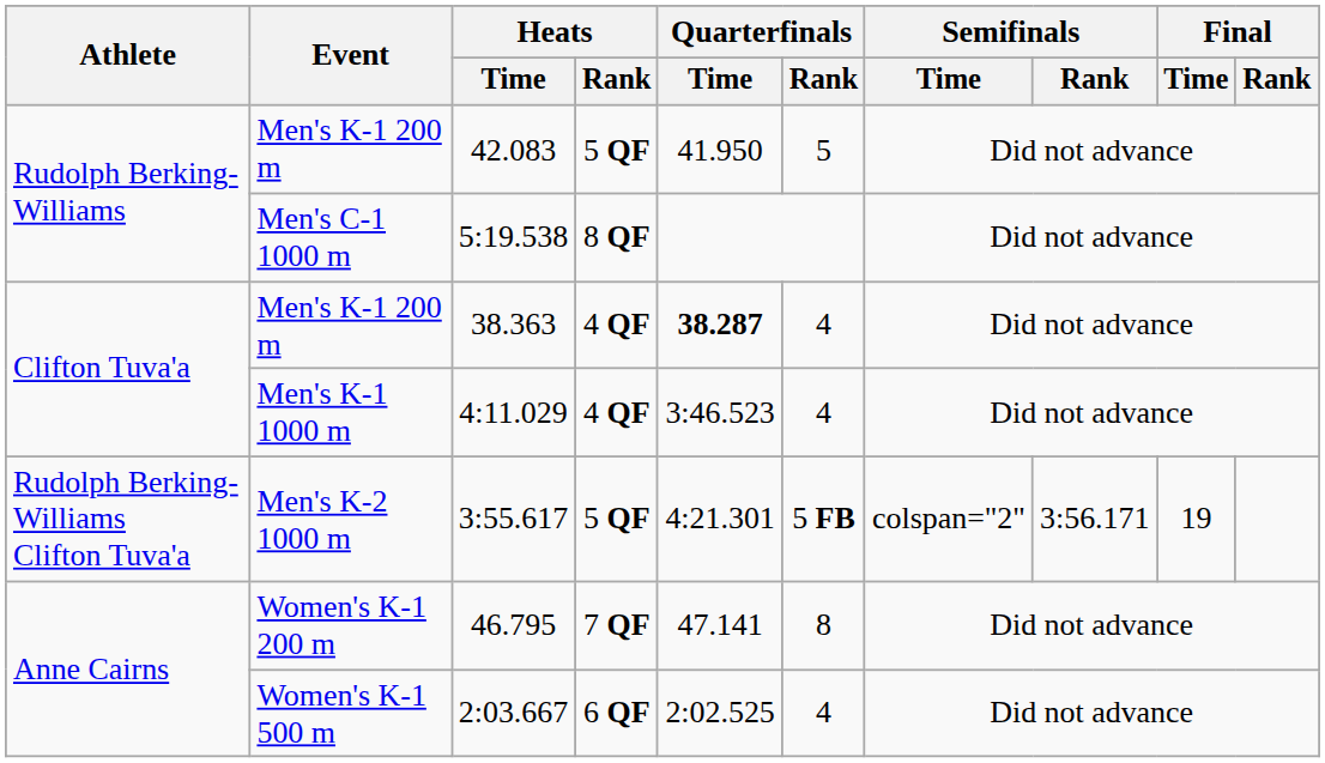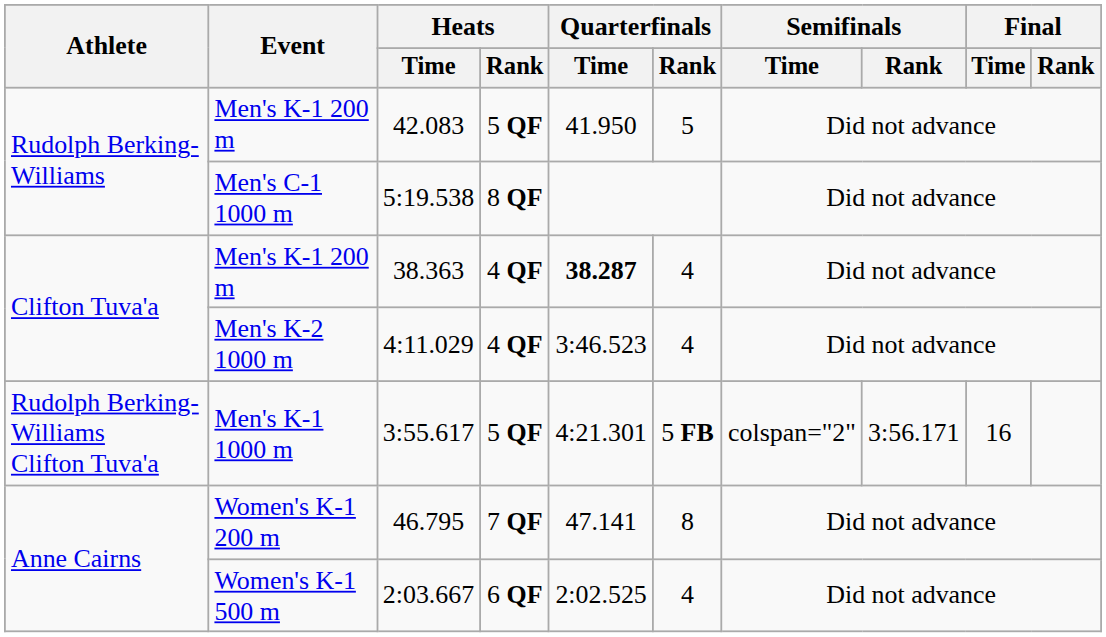 <table class=wikitable style="font-size:90%">
 <tr>
 <th rowspan="2">Athlete</th>
 <th rowspan="2">Event</th>
 <th colspan=2>Heats</th>
 <th colspan=2>Quarterfinals</th>
 <th colspan=2>Semifinals</th>
 <th colspan=2>Final</th>
 </tr>
 <tr style="font-size:95%">
 <th>Time</th>
 <th>Rank</th>
 <th>Time</th>
 <th>Rank</th>
 <th>Time</th>
 <th>Rank</th>
 <th>Time</th>
 <th>Rank</th>
 </tr>
 <tr align="center">
 <td align=left rowspan=2><a href='#'>Rudolph Berking-Williams</a></td>
 <td align=left><a href='#'>Men's K-1 200 m</a></td>
 <td>42.083</td>
 <td>5 <strong>QF</strong></td>
 <td>41.950</td>
 <td>5</td>
 <td colspan="4">Did not advance</td>
 </tr>
 <tr align=center>
 <td align=left><a href='#'>Men's C-1 1000 m</a></td>
 <td>5:19.538</td>
 <td>8 <strong>QF</strong></td>
 <td colspan=2></td>
 <td colspan="4">Did not advance</td>
 </tr>
 <tr align="center">
 <td align=left rowspan=2><a href='#'>Clifton Tuva'a</a></td>
 <td align=left><a href='#'>Men's K-1 200 m</a></td>
 <td>38.363</td>
 <td>4 <strong>QF</strong></td>
 <td><strong>38.287</strong></td>
 <td>4</td>
 <td colspan="4">Did not advance</td>
 </tr>
 <tr align=center>
-<td align=left><a href='#'>Men's K-1 1000 m</a></td>
+<td align=left><a href='#'>Men's K-2 1000 m</a></td>
 <td>4:11.029</td>
 <td>4 <strong>QF</strong></td>
 <td>3:46.523</td>
 <td>4</td>
 <td colspan="4">Did not advance</td>
 </tr>
 <tr align=center>
 <td align=left><a href='#'>Rudolph Berking-Williams</a><br><a href='#'>Clifton Tuva'a</a></td>
-<td align=left><a href='#'>Men's K-2 1000 m</a></td>
+<td align=left><a href='#'>Men's K-1 1000 m</a></td>
 <td>3:55.617</td>
 <td>5 <strong>QF</strong></td>
 <td>4:21.301</td>
 <td>5 <strong>FB</strong></td>
 <td>colspan="2" </td>
 <td>3:56.171</td>
-<td>19</td>
+<td>16</td>
 </tr>
 <tr align=center>
 <td align=left rowspan=2><a href='#'>Anne Cairns</a></td>
 <td align=left><a href='#'>Women's K-1 200 m</a></td>
 <td>46.795</td>
 <td>7 <strong>QF</strong></td>
 <td>47.141</td>
 <td>8</td>
 <td colspan="4">Did not advance</td>
 </tr>
 <tr align=center>
 <td align=left><a href='#'>Women's K-1 500 m</a></td>
 <td>2:03.667</td>
 <td>6 <strong>QF</strong></td>
 <td>2:02.525</td>
 <td>4</td>
 <td colspan="4">Did not advance</td>
 </tr>
 </table>
